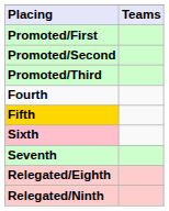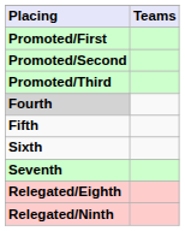 <table class=wikitable>
 <tr>
 </tr>
 <tr style="background: #E6E6FA;">
 <td><strong>Placing</strong></td>
 <td colspan=2 style="text-align:center"><strong>Teams</strong></td>
 </tr>
 <tr style="background: #ccffcc;">
 <td><strong>Promoted/First</strong></td>
 <td colspan=2><strong></strong></td>
 </tr>
 <tr style="background: #ccffcc;">
 <td><strong>Promoted/Second</strong></td>
 <td colspan=2><strong></strong></td>
 </tr>
 <tr style="background: #ccffcc;">
 <td><strong>Promoted/Third</strong></td>
 <td colspan=2><strong></strong></td>
 </tr>
 <tr>
-<td><strong>Fourth</strong></td>
+<td style="background: lightgrey;"><strong>Fourth</strong></td>
 <td colspan=2></td>
 </tr>
 <tr>
-<td style="background: gold;"><strong>Fifth</strong></td>
+<td><strong>Fifth</strong></td>
 <td></td>
 </tr>
 <tr>
-<td style="background: pink;"><strong>Sixth</strong></td>
+<td><strong>Sixth</strong></td>
 <td></td>
 </tr>
 <tr style="background: #ccffcc;">
 <td><strong>Seventh</strong></td>
 <td><strong></strong></td>
 </tr>
 <tr style="background: #ffcccc;">
 <td><strong>Relegated/Eighth</strong></td>
 <td><em></em></td>
 </tr>
 <tr style="background: #ffcccc;">
 <td><strong>Relegated/Ninth</strong></td>
 <td><em></em></td>
 </tr>
 </table>
